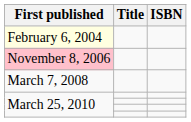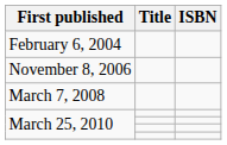 <table class="wikitable">
 <tr>
 <th>First published</th>
 <th>Title</th>
 <th>ISBN</th>
 </tr>
 <tr>
-<td style="background: lightyellow;">February 6, 2004</td>
+<td>February 6, 2004</td>
 <td></td>
 <td><small></small></td>
 </tr>
 <tr>
-<td style="background: pink;">November 8, 2006</td>
+<td>November 8, 2006</td>
 <td></td>
 <td><small></small></td>
 </tr>
 <tr>
 <td>March 7, 2008</td>
 <td></td>
 <td><small></small></td>
 </tr>
 <tr>
 <td rowspan="4">March 25, 2010</td>
 <td></td>
 <td><small></small></td>
 </tr>
 <tr>
 <td></td>
 <td><small></small></td>
 </tr>
 <tr>
 <td></td>
 <td><small></small></td>
 </tr>
 <tr>
 <td></td>
 <td><small></small></td>
 </tr>
 </table>
